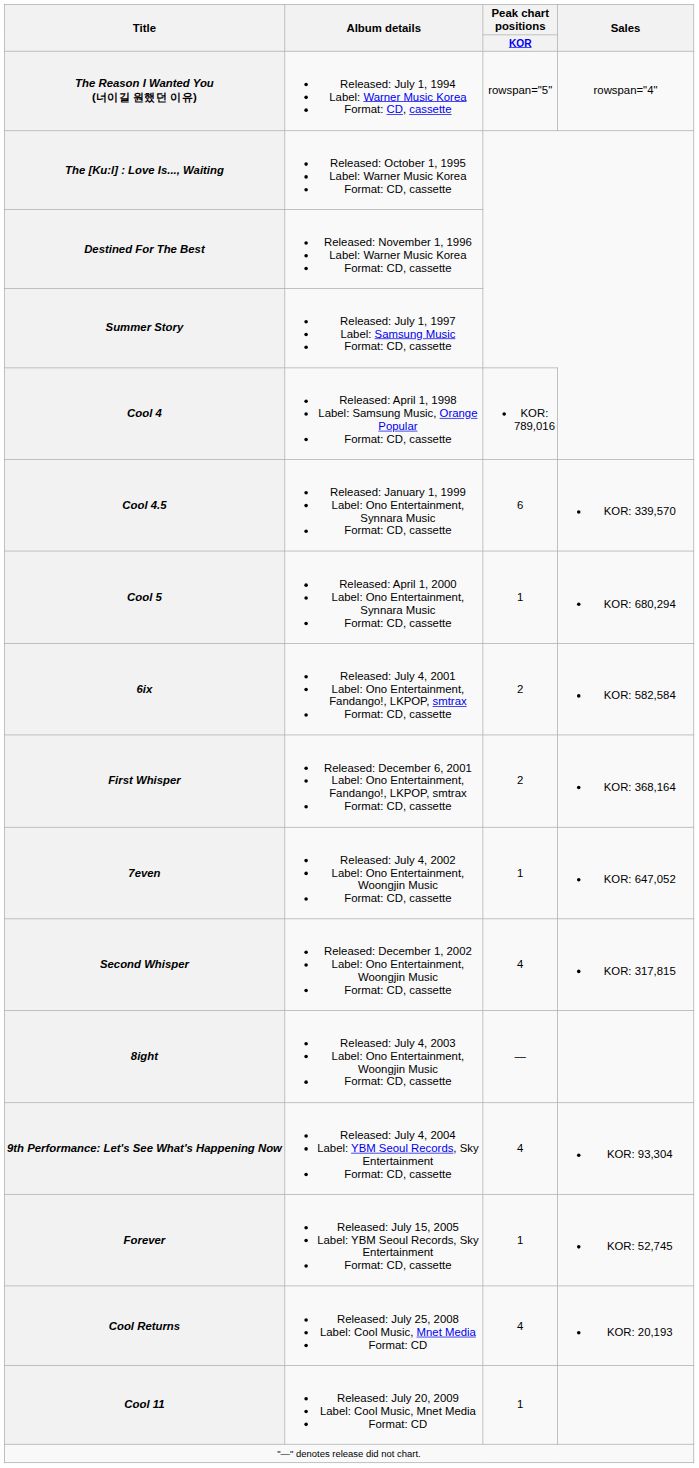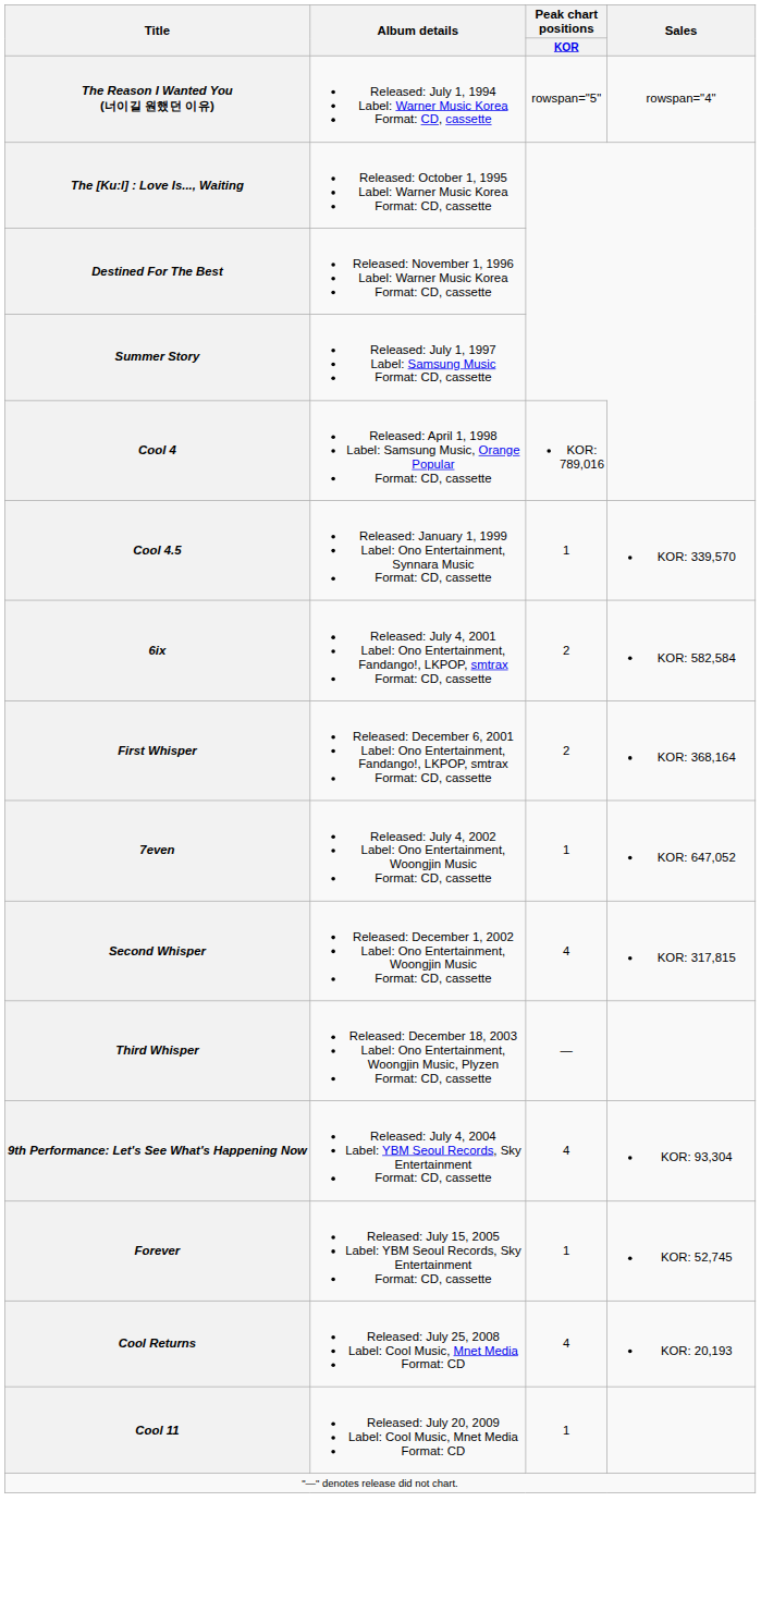 <table class="wikitable plainrowheaders" style="text-align:center;">
 <tr>
 <th scope="col" rowspan="2">Title</th>
 <th scope="col" rowspan="2" style="width:17em;">Album details</th>
 <th scope="col" colspan="1" style="width:5em;">Peak chart positions</th>
 <th rowspan="2" style="width:11.5em;">Sales</th>
 </tr>
 <tr>
 <th scope="col" style="width:3em;font-size:90%;"><a href='#'>KOR</a><br></th>
 </tr>
 <tr>
 <th scope="row"><em>The Reason I Wanted You</em> <br> (너이길 원했던 이유)</th>
 <td><br><ul><li>Released: July 1, 1994</li><li>Label: <a href='#'>Warner Music Korea</a></li><li>Format: <a href='#'>CD</a>, <a href='#'>cassette</a></li></ul></td>
 <td>rowspan="5" </td>
 <td>rowspan="4" </td>
 </tr>
 <tr>
 <th scope="row"><em>The [Ku:l] : Love Is..., Waiting</em></th>
 <td><br><ul><li>Released: October 1, 1995</li><li>Label: Warner Music Korea</li><li>Format: CD, cassette</li></ul></td>
 </tr>
 <tr>
 <th scope="row"><em>Destined For The Best</em></th>
 <td><br><ul><li>Released: November 1, 1996</li><li>Label: Warner Music Korea</li><li>Format: CD, cassette</li></ul></td>
 </tr>
 <tr>
 <th scope="row"><em>Summer Story</em></th>
 <td><br><ul><li>Released: July 1, 1997</li><li>Label: <a href='#'>Samsung Music</a></li><li>Format: CD, cassette</li></ul></td>
 </tr>
 <tr>
 <th scope="row"><em>Cool 4</em></th>
 <td><br><ul><li>Released: April 1, 1998</li><li>Label: Samsung Music, <a href='#'>Orange Popular</a></li><li>Format: CD, cassette</li></ul></td>
 <td><br><ul><li>KOR: 789,016</li></ul></td>
 </tr>
 <tr>
 <th scope="row"><em>Cool 4.5</em></th>
 <td><br><ul><li>Released: January 1, 1999</li><li>Label: Ono Entertainment, Synnara Music</li><li>Format: CD, cassette</li></ul></td>
-<td>6</td>
+<td>1</td>
 <td><br><ul><li>KOR: 339,570</li></ul></td>
-</tr>
-<tr>
-<th scope="row"><em>Cool 5</em></th>
-<td><br><ul><li>Released: April 1, 2000</li><li>Label: Ono Entertainment, Synnara Music</li><li>Format: CD, cassette</li></ul></td>
-<td>1</td>
-<td><br><ul><li>KOR: 680,294</li></ul></td>
 </tr>
 <tr>
 <th scope="row"><em>6ix</em></th>
 <td><br><ul><li>Released: July 4, 2001</li><li>Label: Ono Entertainment, Fandango!, LKPOP, <a href='#'>smtrax</a></li><li>Format: CD, cassette</li></ul></td>
 <td>2</td>
 <td><br><ul><li>KOR: 582,584</li></ul></td>
 </tr>
 <tr>
 <th scope="row"><em>First Whisper</em></th>
 <td><br><ul><li>Released: December 6, 2001</li><li>Label: Ono Entertainment, Fandango!, LKPOP, smtrax</li><li>Format: CD, cassette</li></ul></td>
 <td>2</td>
 <td><br><ul><li>KOR: 368,164</li></ul></td>
 </tr>
 <tr>
 <th scope="row"><em>7even</em></th>
 <td><br><ul><li>Released: July 4, 2002</li><li>Label: Ono Entertainment, Woongjin Music</li><li>Format: CD, cassette</li></ul></td>
 <td>1</td>
 <td><br><ul><li>KOR: 647,052</li></ul></td>
 </tr>
 <tr>
 <th scope="row"><em>Second Whisper</em></th>
 <td><br><ul><li>Released: December 1, 2002</li><li>Label: Ono Entertainment, Woongjin Music</li><li>Format: CD, cassette</li></ul></td>
 <td>4</td>
 <td><br><ul><li>KOR: 317,815</li></ul></td>
 </tr>
 <tr>
-<th scope="row"><em>8ight</em></th>
-<td><br><ul><li>Released: July 4, 2003</li><li>Label: Ono Entertainment, Woongjin Music</li><li>Format: CD, cassette</li></ul></td>
+<th scope="row"><em>Third Whisper</em></th>
+<td><br><ul><li>Released: December 18, 2003</li><li>Label: Ono Entertainment, Woongjin Music, Plyzen</li><li>Format: CD, cassette</li></ul></td>
 <td>—</td>
 <td></td>
 </tr>
 <tr>
 <th scope="row"><em>9th Performance: Let's See What's Happening Now</em></th>
 <td><br><ul><li>Released: July 4, 2004</li><li>Label: <a href='#'>YBM Seoul Records</a>, Sky Entertainment</li><li>Format: CD, cassette</li></ul></td>
 <td>4</td>
 <td><br><ul><li>KOR: 93,304</li></ul></td>
 </tr>
 <tr>
 <th scope="row"><em>Forever</em></th>
 <td><br><ul><li>Released: July 15, 2005</li><li>Label: YBM Seoul Records, Sky Entertainment</li><li>Format: CD, cassette</li></ul></td>
 <td>1</td>
 <td><br><ul><li>KOR: 52,745</li></ul></td>
 </tr>
 <tr>
 <th scope="row"><em>Cool Returns</em></th>
 <td><br><ul><li>Released: July 25, 2008</li><li>Label: Cool Music, <a href='#'>Mnet Media</a></li><li>Format: CD</li></ul></td>
 <td>4</td>
 <td><br><ul><li>KOR: 20,193</li></ul></td>
 </tr>
 <tr>
 <th scope="row"><em>Cool 11</em></th>
 <td><br><ul><li>Released: July 20, 2009</li><li>Label: Cool Music, Mnet Media</li><li>Format: CD</li></ul></td>
 <td>1</td>
 <td></td>
 </tr>
 <tr>
 <td colspan="4"><small>"—" denotes release did not chart.</small></td>
 </tr>
 </table>
